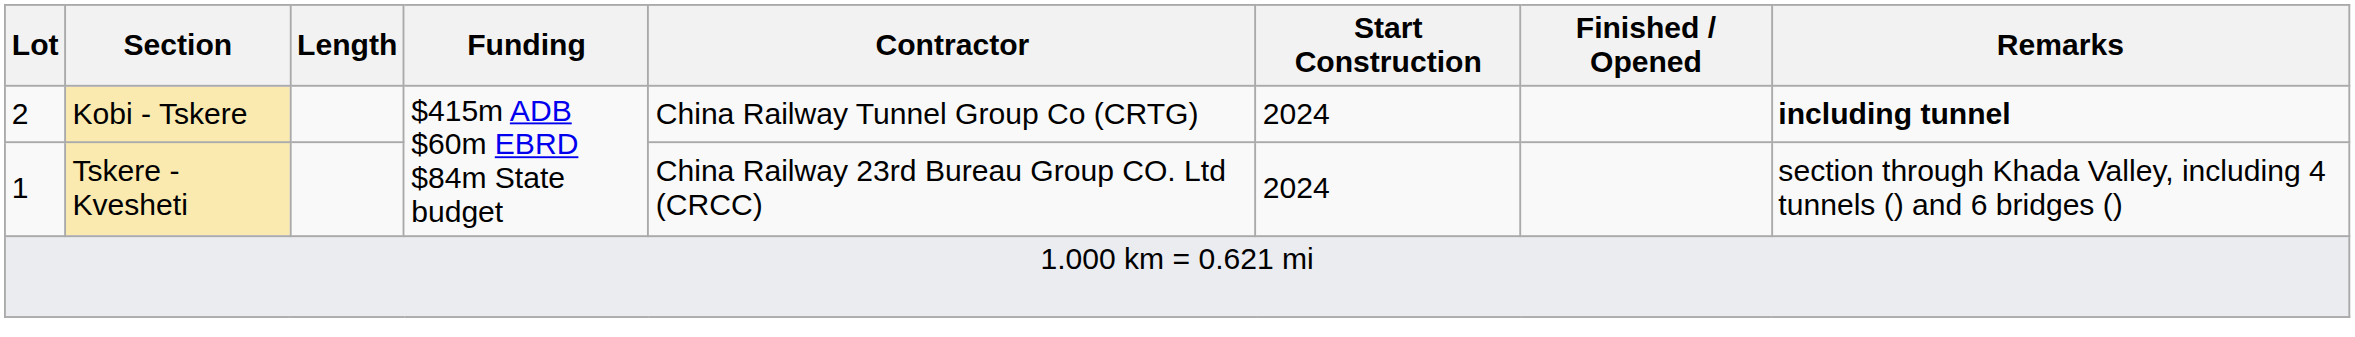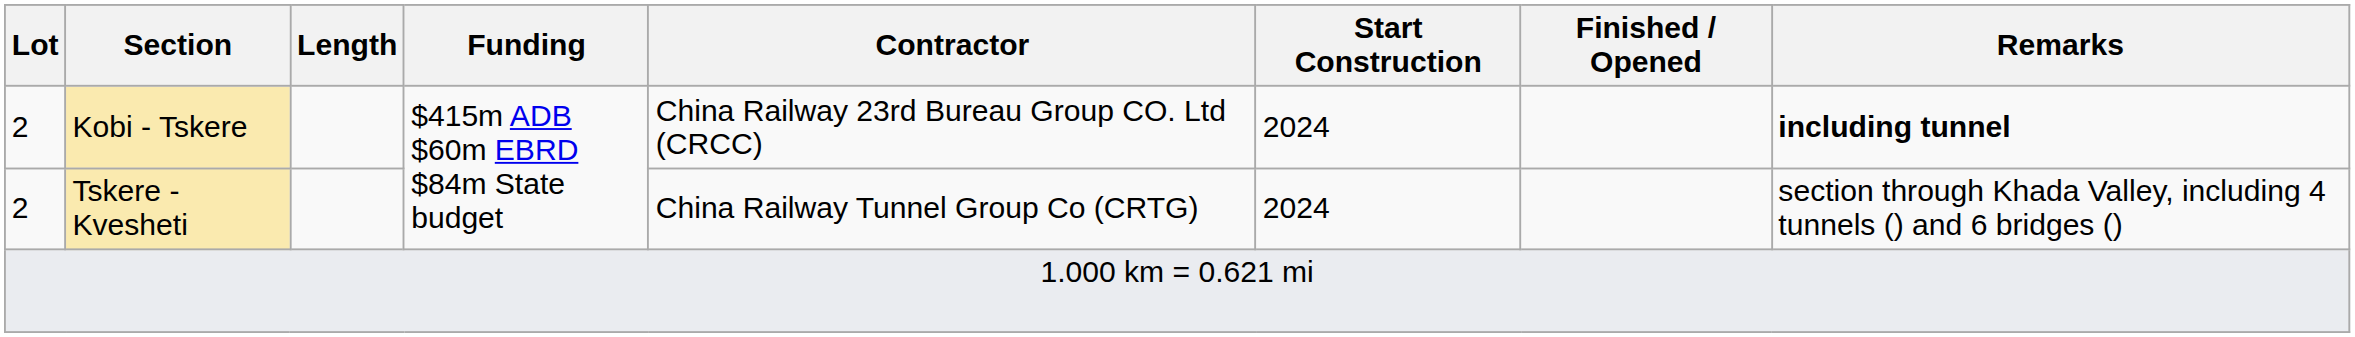 <table class="wikitable">
 <tr>
 <th>Lot</th>
 <th>Section</th>
 <th>Length</th>
 <th>Funding</th>
 <th>Contractor</th>
 <th>Start Construction</th>
 <th>Finished / Opened</th>
 <th width="300px">Remarks</th>
 </tr>
 <tr>
 <td>2</td>
 <td style="background-color:#faeaaf;">Kobi - Tskere</td>
 <td align=right></td>
 <td rowspan="2">$415m <a href='#'>ADB</a><br> $60m <a href='#'>EBRD</a><br>$84m State budget</td>
-<td>China Railway Tunnel Group Co (CRTG)</td>
+<td>China Railway 23rd Bureau Group CO. Ltd (CRCC)</td>
 <td>2024</td>
 <td></td>
 <td><strong>including  tunnel</strong></td>
 </tr>
 <tr>
-<td>1</td>
+<td>2</td>
 <td style="background-color:#faeaaf;">Tskere - Kvesheti</td>
 <td align=right></td>
-<td>China Railway 23rd Bureau Group CO. Ltd (CRCC)</td>
+<td>China Railway Tunnel Group Co (CRTG)</td>
 <td>2024</td>
 <td></td>
 <td>section through Khada Valley, including 4 tunnels () and 6 bridges ()</td>
 </tr>
 <tr>
 <td colspan=9 class="wikitable" style="align:center;text-align:center;background-color:#eaecf0">1.000 km = 0.621 mi<br><br></td>
 </tr>
 </table>
